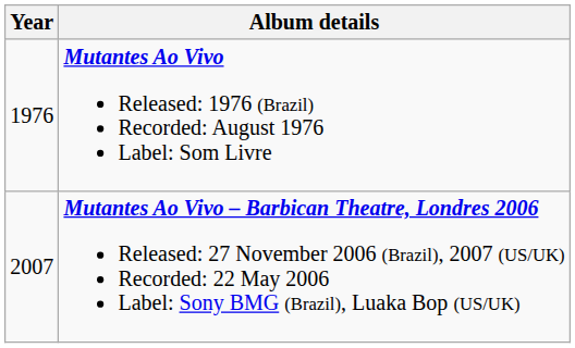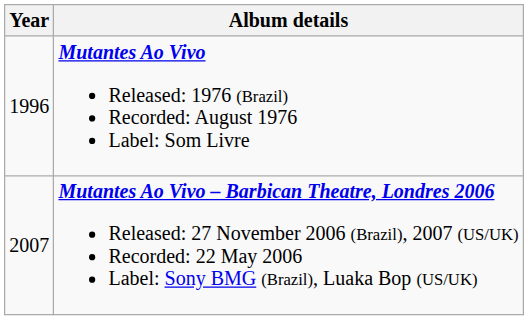 <table class="wikitable">
 <tr>
 <th>Year</th>
 <th>Album details</th>
 </tr>
 <tr>
-<td>1976</td>
+<td>1996</td>
 <td><strong><em><a href='#'>Mutantes Ao Vivo</a></em></strong><br><ul><li>Released: 1976 <small>(Brazil)</small></li><li>Recorded: August 1976</li><li>Label: Som Livre</li></ul></td>
 </tr>
 <tr>
 <td>2007</td>
 <td><strong><em><a href='#'>Mutantes Ao Vivo – Barbican Theatre, Londres 2006</a></em></strong><br><ul><li>Released: 27 November 2006 <small>(Brazil)</small>, 2007 <small>(US/UK)</small></li><li>Recorded: 22 May 2006</li><li>Label: <a href='#'>Sony BMG</a> <small>(Brazil)</small>, Luaka Bop <small>(US/UK)</small></li></ul></td>
 </tr>
 </table>
